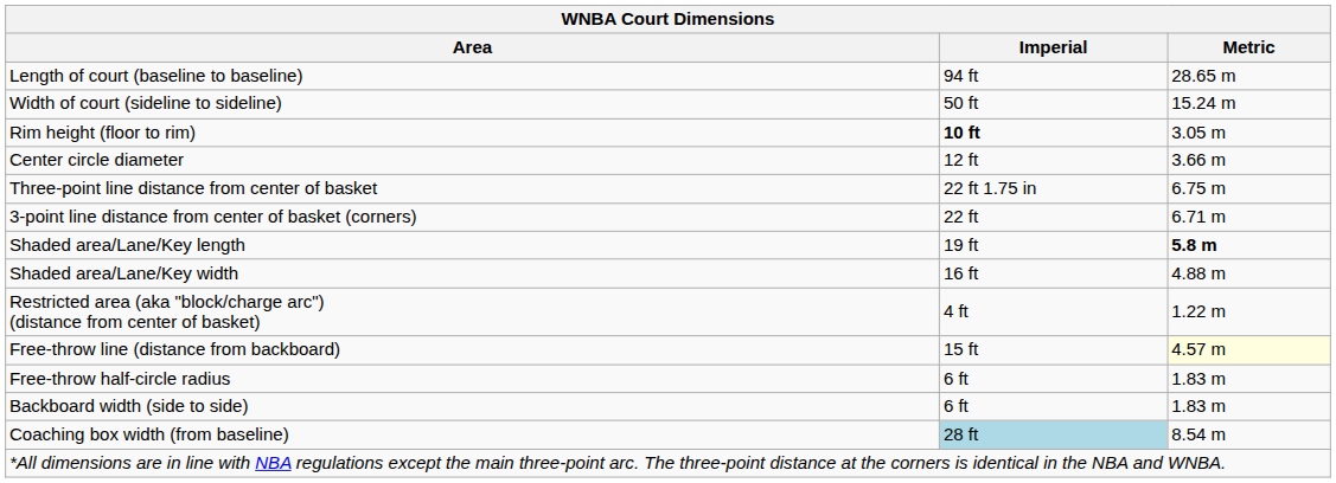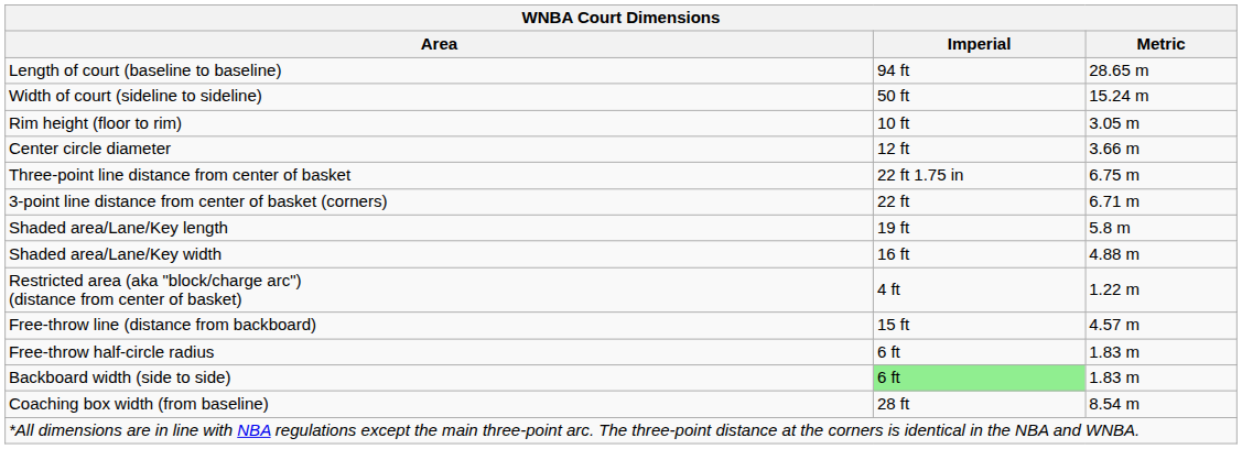 <table class="wikitable" style="width: 60%; margin:1em auto;">
 <tr>
 <th colspan=3>WNBA Court Dimensions</th>
 </tr>
 <tr style="text-align:center;">
 <th>Area</th>
 <th>Imperial</th>
 <th>Metric</th>
 </tr>
 <tr>
 <td>Length of court (baseline to baseline)</td>
 <td>94 ft</td>
 <td>28.65 m</td>
 </tr>
 <tr>
 <td>Width of court (sideline to sideline)</td>
 <td>50 ft</td>
 <td>15.24 m</td>
 </tr>
 <tr>
 <td>Rim height (floor to rim)</td>
-<td><strong>10 ft</strong></td>
+<td>10 ft</td>
 <td>3.05 m</td>
 </tr>
 <tr>
 <td>Center circle diameter</td>
 <td>12 ft</td>
 <td>3.66 m</td>
 </tr>
 <tr>
 <td>Three-point line distance from center of basket</td>
 <td>22 ft 1.75 in</td>
 <td>6.75 m</td>
 </tr>
 <tr>
 <td>3-point line distance from center of basket (corners)</td>
 <td>22 ft</td>
 <td>6.71 m</td>
 </tr>
 <tr>
 <td>Shaded area/Lane/Key length</td>
 <td>19 ft</td>
-<td><strong>5.8 m</strong></td>
+<td>5.8 m</td>
 </tr>
 <tr>
 <td>Shaded area/Lane/Key width</td>
 <td>16 ft</td>
 <td>4.88 m</td>
 </tr>
 <tr>
 <td>Restricted area (aka "block/charge arc")<br>(distance from center of basket)</td>
 <td>4 ft</td>
 <td>1.22 m</td>
 </tr>
 <tr>
 <td>Free-throw line (distance from backboard)</td>
 <td>15 ft</td>
-<td style="background: lightyellow;">4.57 m</td>
+<td>4.57 m</td>
 </tr>
 <tr>
 <td>Free-throw half-circle radius</td>
 <td>6 ft</td>
 <td>1.83 m</td>
 </tr>
 <tr>
 <td>Backboard width (side to side)</td>
-<td>6 ft</td>
+<td style="background: lightgreen;">6 ft</td>
 <td>1.83 m</td>
 </tr>
 <tr>
 <td>Coaching box width (from baseline)</td>
-<td style="background: lightblue;">28 ft</td>
+<td>28 ft</td>
 <td>8.54 m</td>
 </tr>
 <tr>
 <td colspan=3><em>*All dimensions are in line with <a href='#'>NBA</a> regulations except the main three-point arc. The three-point distance at the corners is identical in the NBA and WNBA.</em></td>
 </tr>
 </table>
